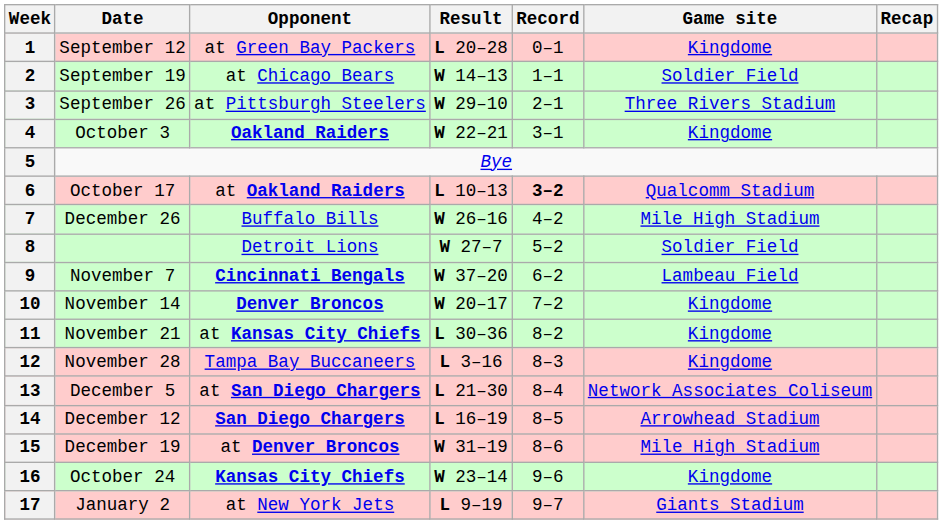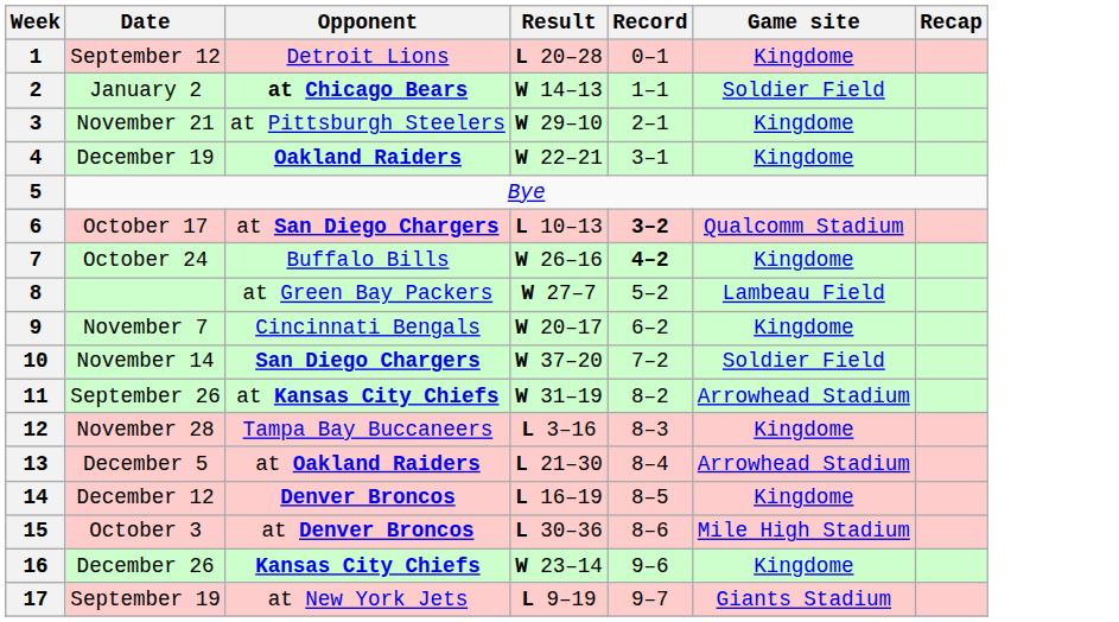 <table class="wikitable" style="text-align:center">
 <tr>
 <th>Week</th>
 <th>Date</th>
 <th>Opponent</th>
 <th>Result</th>
 <th>Record</th>
 <th>Game site</th>
 <th>Recap</th>
 </tr>
 <tr style="background:#fcc">
 <th>1</th>
 <td>September 12</td>
-<td>at <a href='#'>Green Bay Packers</a></td>
+<td><a href='#'>Detroit Lions</a></td>
 <td><strong>L</strong> 20–28</td>
 <td>0–1</td>
 <td><a href='#'>Kingdome</a></td>
 <td></td>
 </tr>
 <tr style="background:#cfc">
 <th>2</th>
-<td>September 19</td>
-<td>at <a href='#'>Chicago Bears</a></td>
+<td>January 2</td>
+<td><strong>at <a href='#'>Chicago Bears</a></strong></td>
 <td><strong>W</strong> 14–13</td>
 <td>1–1</td>
 <td><a href='#'>Soldier Field</a></td>
 <td></td>
 </tr>
 <tr style="background:#cfc">
 <th>3</th>
-<td>September 26</td>
+<td>November 21</td>
 <td>at <a href='#'>Pittsburgh Steelers</a></td>
 <td><strong>W</strong> 29–10</td>
 <td>2–1</td>
-<td><a href='#'>Three Rivers Stadium</a></td>
+<td><a href='#'>Kingdome</a></td>
 <td></td>
 </tr>
 <tr style="background:#cfc">
 <th>4</th>
-<td>October 3</td>
+<td>December 19</td>
 <td><strong><a href='#'>Oakland Raiders</a></strong></td>
 <td><strong>W</strong> 22–21</td>
 <td>3–1</td>
 <td><a href='#'>Kingdome</a></td>
 <td></td>
 </tr>
 <tr>
 <th>5</th>
 <td colspan="6"><em><a href='#'>Bye</a></em></td>
 </tr>
 <tr style="background:#fcc">
 <th>6</th>
 <td>October 17</td>
-<td>at <strong><a href='#'>Oakland Raiders</a></strong></td>
+<td>at <strong><a href='#'>San Diego Chargers</a></strong></td>
 <td><strong>L</strong> 10–13</td>
 <td><strong>3–2</strong></td>
 <td><a href='#'>Qualcomm Stadium</a></td>
 <td></td>
 </tr>
 <tr style="background:#cfc">
 <th>7</th>
-<td>December 26</td>
+<td>October 24</td>
 <td><a href='#'>Buffalo Bills</a></td>
 <td><strong>W</strong> 26–16</td>
-<td>4–2</td>
-<td><a href='#'>Mile High Stadium</a></td>
+<td><strong>4–2</strong></td>
+<td><a href='#'>Kingdome</a></td>
 <td></td>
 </tr>
 <tr style="background:#cfc">
 <th>8</th>
 <td></td>
-<td><a href='#'>Detroit Lions</a></td>
+<td>at <a href='#'>Green Bay Packers</a></td>
 <td><strong>W</strong> 27–7</td>
 <td>5–2</td>
-<td><a href='#'>Soldier Field</a></td>
+<td><a href='#'>Lambeau Field</a></td>
 <td></td>
 </tr>
 <tr style="background:#cfc">
 <th>9</th>
 <td>November 7</td>
-<td><strong><a href='#'>Cincinnati Bengals</a></strong></td>
-<td><strong>W</strong> 37–20</td>
+<td><a href='#'>Cincinnati Bengals</a></td>
+<td><strong>W</strong> 20–17</td>
 <td>6–2</td>
-<td><a href='#'>Lambeau Field</a></td>
+<td><a href='#'>Kingdome</a></td>
 <td></td>
 </tr>
 <tr style="background:#cfc">
 <th>10</th>
 <td>November 14</td>
-<td><strong><a href='#'>Denver Broncos</a></strong></td>
-<td><strong>W</strong> 20–17</td>
+<td><strong><a href='#'>San Diego Chargers</a></strong></td>
+<td><strong>W</strong> 37–20</td>
 <td>7–2</td>
-<td><a href='#'>Kingdome</a></td>
+<td><a href='#'>Soldier Field</a></td>
 <td></td>
 </tr>
 <tr style="background:#cfc">
 <th>11</th>
-<td>November 21</td>
+<td>September 26</td>
 <td>at <strong><a href='#'>Kansas City Chiefs</a></strong></td>
-<td><strong>L</strong> 30–36 </td>
+<td><strong>W</strong> 31–19</td>
 <td>8–2</td>
-<td><a href='#'>Kingdome</a></td>
+<td><a href='#'>Arrowhead Stadium</a></td>
 <td></td>
 </tr>
 <tr style="background:#fcc">
 <th>12</th>
 <td>November 28</td>
 <td><a href='#'>Tampa Bay Buccaneers</a></td>
 <td><strong>L</strong> 3–16</td>
 <td>8–3</td>
 <td><a href='#'>Kingdome</a></td>
 <td></td>
 </tr>
 <tr style="background:#fcc">
 <th>13</th>
 <td>December 5</td>
-<td>at <strong><a href='#'>San Diego Chargers</a></strong></td>
+<td>at <strong><a href='#'>Oakland Raiders</a></strong></td>
 <td><strong>L</strong> 21–30</td>
 <td>8–4</td>
-<td><a href='#'>Network Associates Coliseum</a></td>
+<td><a href='#'>Arrowhead Stadium</a></td>
 <td></td>
 </tr>
 <tr style="background:#fcc">
 <th>14</th>
 <td>December 12</td>
-<td><strong><a href='#'>San Diego Chargers</a></strong></td>
+<td><strong><a href='#'>Denver Broncos</a></strong></td>
 <td><strong>L</strong> 16–19</td>
 <td>8–5</td>
-<td><a href='#'>Arrowhead Stadium</a></td>
+<td><a href='#'>Kingdome</a></td>
 <td></td>
 </tr>
 <tr style="background:#fcc">
 <th>15</th>
-<td>December 19</td>
+<td>October 3</td>
 <td>at <strong><a href='#'>Denver Broncos</a></strong></td>
-<td><strong>W</strong> 31–19</td>
+<td><strong>L</strong> 30–36 </td>
 <td>8–6</td>
 <td><a href='#'>Mile High Stadium</a></td>
 <td></td>
 </tr>
 <tr style="background:#cfc">
 <th>16</th>
-<td>October 24</td>
+<td>December 26</td>
 <td><strong><a href='#'>Kansas City Chiefs</a></strong></td>
 <td><strong>W</strong> 23–14</td>
 <td>9–6</td>
 <td><a href='#'>Kingdome</a></td>
 <td></td>
 </tr>
 <tr style="background:#fcc">
 <th>17</th>
-<td>January 2</td>
+<td>September 19</td>
 <td>at <a href='#'>New York Jets</a></td>
 <td><strong>L</strong> 9–19</td>
 <td>9–7</td>
 <td><a href='#'>Giants Stadium</a></td>
 <td></td>
 </tr>
 </table>
